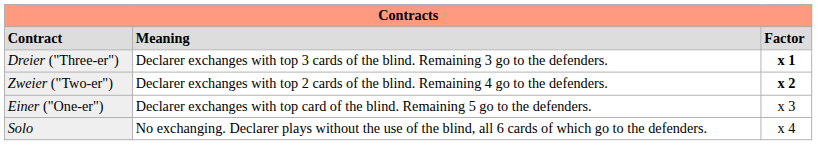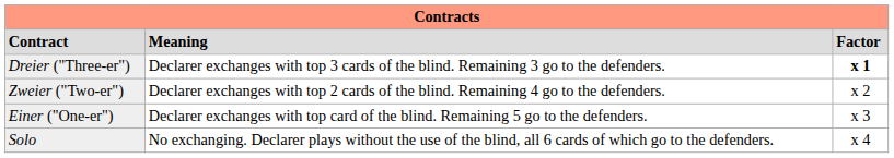 <table class="wikitable" align="float:left"  style="background-color:white">
 <tr style="background-color:#FF9980">
 <td colspan="3" align="center" width = "900px"><strong>Contracts</strong></td>
 </tr>
 <tr style="background: #DDDDDD;">
 <td><strong>Contract</strong></td>
 <td><strong>Meaning</strong></td>
 <td><strong>Factor</strong></td>
 </tr>
 <tr>
 <td style="background:#efefef;"><em>Dreier</em> ("Three-er")</td>
 <td>Declarer exchanges with top 3 cards of the blind. Remaining 3 go to the defenders.</td>
 <td align="center"><strong>x 1</strong></td>
 </tr>
 <tr>
 <td style="background:#efefef;"><em>Zweier</em> ("Two-er")</td>
 <td>Declarer exchanges with top 2 cards of the blind. Remaining 4 go to the defenders.</td>
-<td align="center"><strong>x 2</strong></td>
+<td align="center">x 2</td>
 </tr>
 <tr>
 <td style="background:#efefef;"><em>Einer</em> ("One-er")</td>
 <td>Declarer exchanges with top card of the blind. Remaining 5 go to the defenders.</td>
 <td align="center">x 3</td>
 </tr>
 <tr>
 <td style="background:#efefef;"><em>Solo</em></td>
 <td>No exchanging. Declarer plays without the use of the blind, all 6 cards of which go to the defenders.</td>
 <td align="center">x 4</td>
 </tr>
 </table>
